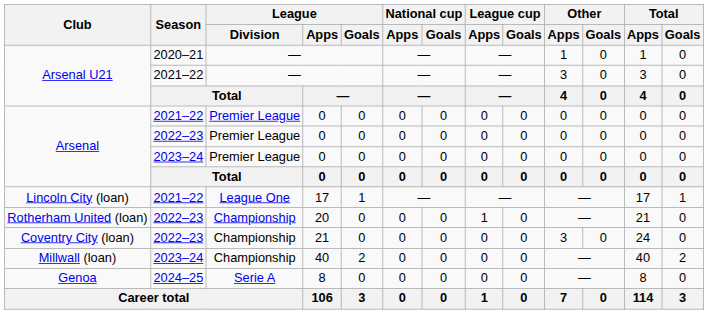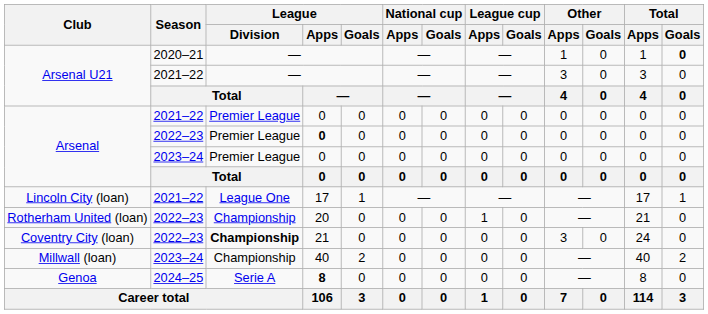 <table class=wikitable style="text-align: center">
 <tr>
 <th rowspan=2>Club</th>
 <th rowspan=2>Season</th>
 <th colspan=3>League</th>
 <th colspan=2>National cup</th>
 <th colspan=2>League cup</th>
 <th colspan=2>Other</th>
 <th colspan=2>Total</th>
 </tr>
 <tr>
 <th>Division</th>
 <th>Apps</th>
 <th>Goals</th>
 <th>Apps</th>
 <th>Goals</th>
 <th>Apps</th>
 <th>Goals</th>
 <th>Apps</th>
 <th>Goals</th>
 <th>Apps</th>
 <th>Goals</th>
 </tr>
 <tr>
 <td rowspan=3><a href='#'>Arsenal U21</a></td>
 <td>2020–21</td>
 <td colspan=3>—</td>
 <td colspan=2>—</td>
 <td colspan=2>—</td>
 <td>1</td>
 <td>0</td>
 <td>1</td>
-<td>0</td>
+<td><strong>0</strong></td>
 </tr>
 <tr>
 <td>2021–22</td>
 <td colspan=3>—</td>
 <td colspan=2>—</td>
 <td colspan=2>—</td>
 <td>3</td>
 <td>0</td>
 <td>3</td>
 <td>0</td>
 </tr>
 <tr>
 <th colspan=2>Total</th>
 <th colspan=2>—</th>
 <th colspan=2>—</th>
 <th colspan=2>—</th>
 <th>4</th>
 <th>0</th>
 <th>4</th>
 <th>0</th>
 </tr>
 <tr>
 <td rowspan=4><a href='#'>Arsenal</a></td>
 <td><a href='#'>2021–22</a></td>
 <td><a href='#'>Premier League</a></td>
 <td>0</td>
 <td>0</td>
 <td>0</td>
 <td>0</td>
 <td>0</td>
 <td>0</td>
 <td>0</td>
 <td>0</td>
 <td>0</td>
 <td>0</td>
 </tr>
 <tr>
 <td><a href='#'>2022–23</a></td>
 <td>Premier League</td>
-<td>0</td>
+<td><strong>0</strong></td>
 <td>0</td>
 <td>0</td>
 <td>0</td>
 <td>0</td>
 <td>0</td>
 <td>0</td>
 <td>0</td>
 <td>0</td>
 <td>0</td>
 </tr>
 <tr>
 <td><a href='#'>2023–24</a></td>
 <td>Premier League</td>
 <td>0</td>
 <td>0</td>
 <td>0</td>
 <td>0</td>
 <td>0</td>
 <td>0</td>
 <td>0</td>
 <td>0</td>
 <td>0</td>
 <td>0</td>
 </tr>
 <tr>
 <th colspan=2>Total</th>
 <th>0</th>
 <th>0</th>
 <th>0</th>
 <th>0</th>
 <th>0</th>
 <th>0</th>
 <th>0</th>
 <th>0</th>
 <th>0</th>
 <th>0</th>
 </tr>
 <tr>
 <td><a href='#'>Lincoln City</a> (loan)</td>
 <td><a href='#'>2021–22</a></td>
 <td><a href='#'>League One</a></td>
 <td>17</td>
 <td>1</td>
 <td colspan=2>—</td>
 <td colspan=2>—</td>
 <td colspan=2>—</td>
 <td>17</td>
 <td>1</td>
 </tr>
 <tr>
 <td><a href='#'>Rotherham United</a> (loan)</td>
 <td><a href='#'>2022–23</a></td>
 <td><a href='#'>Championship</a></td>
 <td>20</td>
 <td>0</td>
 <td>0</td>
 <td>0</td>
 <td>1</td>
 <td>0</td>
 <td colspan=2>—</td>
 <td>21</td>
 <td>0</td>
 </tr>
 <tr>
 <td><a href='#'>Coventry City</a> (loan)</td>
 <td><a href='#'>2022–23</a></td>
-<td>Championship</td>
+<td><strong>Championship</strong></td>
 <td>21</td>
 <td>0</td>
 <td>0</td>
 <td>0</td>
 <td>0</td>
 <td>0</td>
 <td>3</td>
 <td>0</td>
 <td>24</td>
 <td>0</td>
 </tr>
 <tr>
 <td><a href='#'>Millwall</a> (loan)</td>
 <td><a href='#'>2023–24</a></td>
 <td>Championship</td>
 <td>40</td>
 <td>2</td>
 <td>0</td>
 <td>0</td>
 <td>0</td>
 <td>0</td>
 <td colspan=2>—</td>
 <td>40</td>
 <td>2</td>
 </tr>
 <tr>
 <td><a href='#'>Genoa</a></td>
 <td><a href='#'>2024–25</a></td>
 <td><a href='#'>Serie A</a></td>
-<td>8</td>
+<td><strong>8</strong></td>
 <td>0</td>
 <td>0</td>
 <td>0</td>
 <td>0</td>
 <td>0</td>
 <td colspan=2>—</td>
 <td>8</td>
 <td>0</td>
 </tr>
 <tr>
 <th colspan=3>Career total</th>
 <th>106</th>
 <th>3</th>
 <th>0</th>
 <th>0</th>
 <th>1</th>
 <th>0</th>
 <th>7</th>
 <th>0</th>
 <th>114</th>
 <th>3</th>
 </tr>
 </table>
